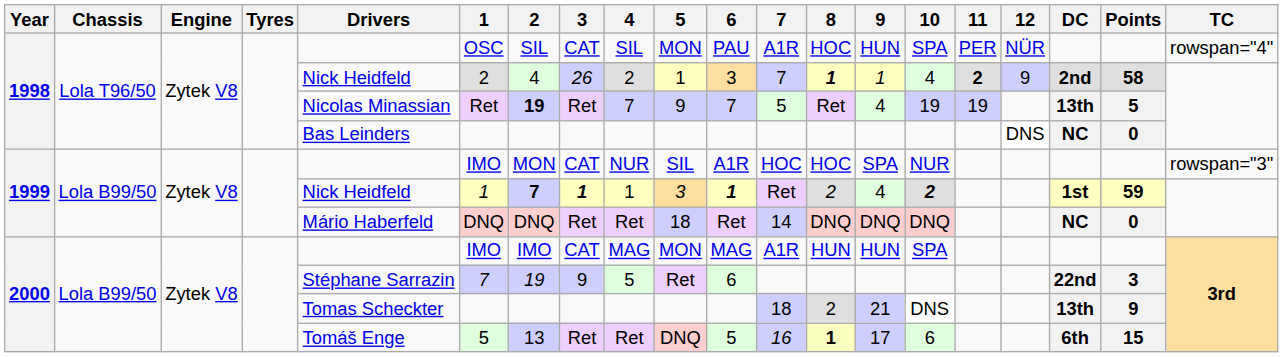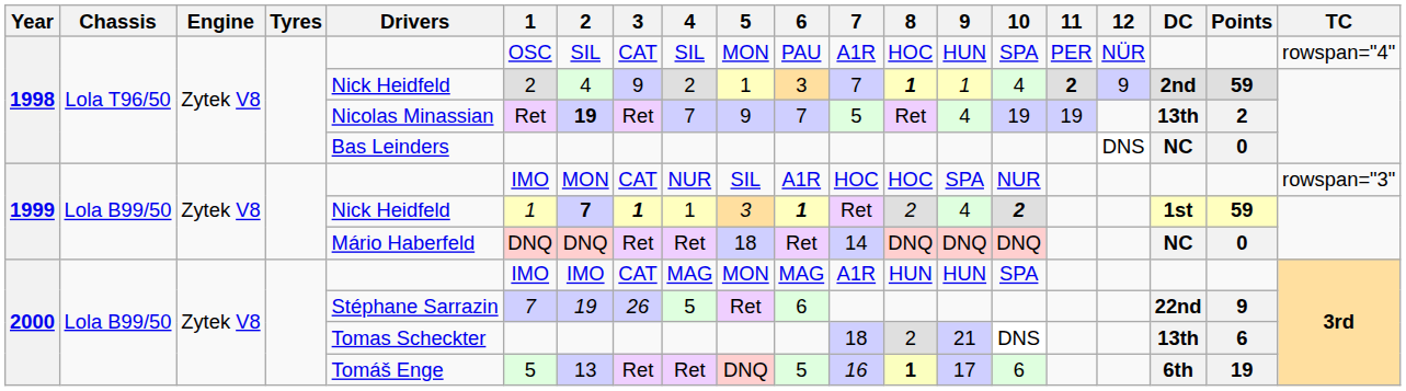 <table class="wikitable" style="text-align:center; font-size:85%">
 <tr>
 <th>Year</th>
 <th>Chassis</th>
 <th>Engine</th>
 <th>Tyres</th>
 <th>Drivers</th>
 <th>1</th>
 <th>2</th>
 <th>3</th>
 <th>4</th>
 <th>5</th>
 <th>6</th>
 <th>7</th>
 <th>8</th>
 <th>9</th>
 <th>10</th>
 <th>11</th>
 <th>12</th>
 <th>DC</th>
 <th>Points</th>
 <th>TC</th>
 </tr>
 <tr>
 <th rowspan="4"><a href='#'>1998</a></th>
 <td rowspan="4"><a href='#'>Lola T96/50</a></td>
 <td rowspan="4">Zytek <a href='#'>V8</a></td>
 <td rowspan="4"></td>
 <td></td>
 <td><a href='#'>OSC</a></td>
 <td><a href='#'>SIL</a></td>
 <td><a href='#'>CAT</a></td>
 <td><a href='#'>SIL</a></td>
 <td><a href='#'>MON</a></td>
 <td><a href='#'>PAU</a></td>
 <td><a href='#'>A1R</a></td>
 <td><a href='#'>HOC</a></td>
 <td><a href='#'>HUN</a></td>
 <td><a href='#'>SPA</a></td>
 <td><a href='#'>PER</a></td>
 <td><a href='#'>NÜR</a></td>
 <td></td>
 <td></td>
 <td>rowspan="4" </td>
 </tr>
 <tr>
 <td align="left"> <a href='#'>Nick Heidfeld</a></td>
 <td style="background:#DFDFDF;">2</td>
 <td style="background:#DFFFDF;">4</td>
-<td style="background:#CFCFFF;"><em>26</em></td>
+<td style="background:#CFCFFF;">9</td>
 <td style="background:#DFDFDF;">2</td>
 <td style="background:#FFFFBF;">1</td>
 <td style="background:#FFDF9F;">3</td>
 <td style="background:#CFCFFF;">7</td>
 <td style="background:#FFFFBF;"><strong><em>1</em></strong></td>
 <td style="background:#FFFFBF;"><em>1</em></td>
 <td style="background:#DFFFDF;">4</td>
 <td style="background:#DFDFDF;"><strong>2</strong></td>
 <td style="background:#CFCFFF;">9</td>
 <td style="background:#DFDFDF;"><strong>2nd</strong></td>
-<td style="background:#DFDFDF;"><strong>58</strong></td>
+<td style="background:#DFDFDF;"><strong>59</strong></td>
 </tr>
 <tr>
 <td align="left"> <a href='#'>Nicolas Minassian</a></td>
 <td style="background:#EFCFFF;">Ret</td>
 <td style="background:#CFCFFF;"><strong>19</strong></td>
 <td style="background:#EFCFFF;">Ret</td>
 <td style="background:#CFCFFF;">7</td>
 <td style="background:#CFCFFF;">9</td>
 <td style="background:#CFCFFF;">7</td>
 <td style="background:#DFFFDF;">5</td>
 <td style="background:#EFCFFF;">Ret</td>
 <td style="background:#DFFFDF;">4</td>
 <td style="background:#CFCFFF;">19</td>
 <td style="background:#CFCFFF;">19</td>
 <td></td>
 <th>13th</th>
-<th>5</th>
+<th>2</th>
 </tr>
 <tr>
 <td align="left"> <a href='#'>Bas Leinders</a></td>
 <td></td>
 <td></td>
 <td></td>
 <td></td>
 <td></td>
 <td></td>
 <td></td>
 <td></td>
 <td></td>
 <td></td>
 <td></td>
 <td style="background:white;">DNS</td>
 <th>NC</th>
 <th>0</th>
 </tr>
 <tr>
 <th rowspan="3"><a href='#'>1999</a></th>
 <td rowspan="3"><a href='#'>Lola B99/50</a></td>
 <td rowspan="3">Zytek <a href='#'>V8</a></td>
 <td rowspan="3"></td>
 <td></td>
 <td><a href='#'>IMO</a></td>
 <td><a href='#'>MON</a></td>
 <td><a href='#'>CAT</a></td>
 <td><a href='#'>NUR</a></td>
 <td><a href='#'>SIL</a></td>
 <td><a href='#'>A1R</a></td>
 <td><a href='#'>HOC</a></td>
 <td><a href='#'>HOC</a></td>
 <td><a href='#'>SPA</a></td>
 <td><a href='#'>NUR</a></td>
 <td></td>
 <td></td>
 <td></td>
 <td></td>
 <td>rowspan="3" </td>
 </tr>
 <tr>
 <td align="left"> <a href='#'>Nick Heidfeld</a></td>
 <td style="background:#FFFFBF;"><em>1</em></td>
 <td style="background:#CFCFFF;"><strong>7</strong></td>
 <td style="background:#FFFFBF;"><strong><em>1</em></strong></td>
 <td style="background:#FFFFBF;">1</td>
 <td style="background:#FFDF9F;"><em>3</em></td>
 <td style="background:#FFFFBF;"><strong><em>1</em></strong></td>
 <td style="background:#EFCFFF;">Ret</td>
 <td style="background:#DFDFDF;"><em>2</em></td>
 <td style="background:#DFFFDF;">4</td>
 <td style="background:#DFDFDF;"><strong><em>2</em></strong></td>
 <td></td>
 <td></td>
 <td style="background:#FFFFBF;"><strong>1st</strong></td>
 <td style="background:#FFFFBF;"><strong>59</strong></td>
 </tr>
 <tr>
 <td align="left"> <a href='#'>Mário Haberfeld</a></td>
 <td style="background:#FFCFCF;">DNQ</td>
 <td style="background:#FFCFCF;">DNQ</td>
 <td style="background:#EFCFFF;">Ret</td>
 <td style="background:#EFCFFF;">Ret</td>
 <td style="background:#CFCFFF;">18</td>
 <td style="background:#EFCFFF;">Ret</td>
 <td style="background:#CFCFFF;">14</td>
 <td style="background:#FFCFCF;">DNQ</td>
 <td style="background:#FFCFCF;">DNQ</td>
 <td style="background:#FFCFCF;">DNQ</td>
 <td></td>
 <td></td>
 <th>NC</th>
 <th>0</th>
 </tr>
 <tr>
 <th rowspan="4"><a href='#'>2000</a></th>
 <td rowspan="4"><a href='#'>Lola B99/50</a></td>
 <td rowspan="4">Zytek <a href='#'>V8</a></td>
 <td rowspan="4"></td>
 <td></td>
 <td><a href='#'>IMO</a></td>
 <td><a href='#'>IMO</a></td>
 <td><a href='#'>CAT</a></td>
 <td><a href='#'>MAG</a></td>
 <td><a href='#'>MON</a></td>
 <td><a href='#'>MAG</a></td>
 <td><a href='#'>A1R</a></td>
 <td><a href='#'>HUN</a></td>
 <td><a href='#'>HUN</a></td>
 <td><a href='#'>SPA</a></td>
 <td></td>
 <td></td>
 <td></td>
 <td></td>
 <td rowspan="4" style="background:#FFDF9F;"><strong>3rd</strong></td>
 </tr>
 <tr>
 <td align="left"> <a href='#'>Stéphane Sarrazin</a></td>
 <td style="background:#CFCFFF;"><em>7</em></td>
 <td style="background:#CFCFFF;"><em>19</em></td>
-<td style="background:#CFCFFF;">9</td>
+<td style="background:#CFCFFF;"><em>26</em></td>
 <td style="background:#DFFFDF;">5</td>
 <td style="background:#EFCFFF;">Ret</td>
 <td style="background:#DFFFDF;">6</td>
 <td></td>
 <td></td>
 <td></td>
 <td></td>
 <td></td>
 <td></td>
 <th>22nd</th>
-<th>3</th>
+<th>9</th>
 </tr>
 <tr>
 <td align="left"> <a href='#'>Tomas Scheckter</a></td>
 <td></td>
 <td></td>
 <td></td>
 <td></td>
 <td></td>
 <td></td>
 <td style="background:#CFCFFF;">18</td>
 <td style="background:#DFDFDF;">2</td>
 <td style="background:#CFCFFF;">21</td>
 <td style="background:white;">DNS</td>
 <td></td>
 <td></td>
 <th>13th</th>
-<th>9</th>
+<th>6</th>
 </tr>
 <tr>
 <td align="left"> <a href='#'>Tomáš Enge</a></td>
 <td style="background:#DFFFDF;">5</td>
 <td style="background:#CFCFFF;">13</td>
 <td style="background:#EFCFFF;">Ret</td>
 <td style="background:#EFCFFF;">Ret</td>
 <td style="background:#FFCFCF;">DNQ</td>
 <td style="background:#DFFFDF;">5</td>
 <td style="background:#CFCFFF;"><em>16</em></td>
 <td style="background:#FBFFBF;"><strong>1</strong></td>
 <td style="background:#CFCFFF;">17</td>
 <td style="background:#DFFFDF;">6</td>
 <td></td>
 <td></td>
 <th>6th</th>
-<th>15</th>
+<th>19</th>
 </tr>
 </table>
